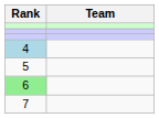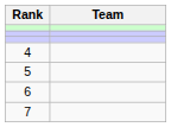 <table class="wikitable" style="text-align: center;">
 <tr>
 <th width=50>Rank</th>
 <th width=140>Team</th>
 </tr>
 <tr bgcolor=#cfc>
 <td></td>
 <td align=left></td>
 </tr>
 <tr bgcolor=#ccf>
 <td></td>
 <td align=left></td>
 </tr>
 <tr bgcolor=#ccf>
 <td></td>
 <td align=left></td>
 </tr>
 <tr>
-<td style="background: lightblue;">4</td>
+<td>4</td>
 <td align=left></td>
 </tr>
 <tr>
 <td>5</td>
 <td align=left></td>
 </tr>
 <tr>
-<td style="background: lightgreen;">6</td>
+<td>6</td>
 <td align=left></td>
 </tr>
 <tr>
 <td>7</td>
 <td align=left></td>
 </tr>
 </table>
